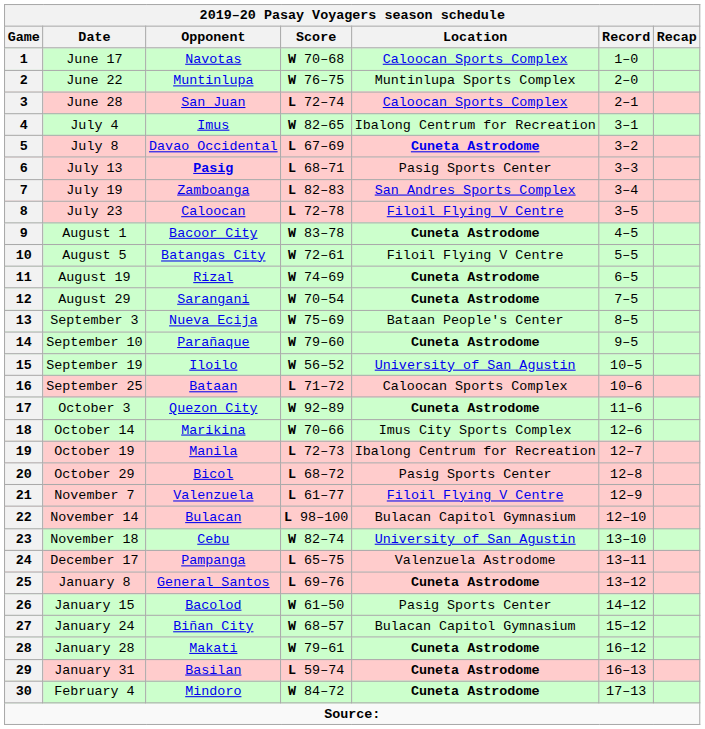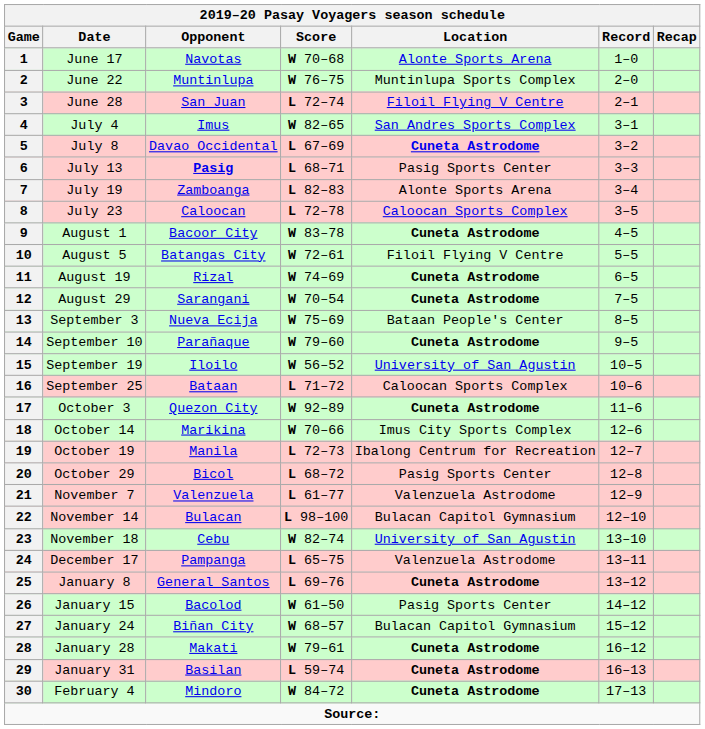 <table class="wikitable" style="text-align:center">
 <tr>
 <th colspan=7>2019–20 Pasay Voyagers season schedule</th>
 </tr>
 <tr>
 <th>Game</th>
 <th>Date</th>
 <th>Opponent</th>
 <th>Score</th>
 <th>Location</th>
 <th>Record</th>
 <th>Recap<br></th>
 </tr>
 <tr style="background:#cfc">
 <th>1</th>
 <td>June 17</td>
 <td><a href='#'>Navotas</a></td>
 <td><strong>W</strong> 70–68</td>
-<td><a href='#'>Caloocan Sports Complex</a></td>
+<td><a href='#'>Alonte Sports Arena</a></td>
 <td>1–0</td>
 <td></td>
 </tr>
 <tr style="background:#cfc">
 <th>2</th>
 <td>June 22</td>
 <td><a href='#'>Muntinlupa</a></td>
 <td><strong>W</strong> 76–75</td>
 <td>Muntinlupa Sports Complex</td>
 <td>2–0</td>
 <td></td>
 </tr>
 <tr style="background:#fcc">
 <th>3</th>
 <td>June 28</td>
 <td><a href='#'>San Juan</a></td>
 <td><strong>L</strong> 72–74</td>
-<td><a href='#'>Caloocan Sports Complex</a></td>
+<td><a href='#'>Filoil Flying V Centre</a></td>
 <td>2–1</td>
 <td></td>
 </tr>
 <tr style="background:#cfc">
 <th>4</th>
 <td>July 4</td>
 <td><a href='#'>Imus</a></td>
 <td><strong>W</strong> 82–65</td>
-<td>Ibalong Centrum for Recreation</td>
+<td><a href='#'>San Andres Sports Complex</a></td>
 <td>3–1</td>
 <td></td>
 </tr>
 <tr style="background:#fcc">
 <th>5</th>
 <td>July 8</td>
 <td><a href='#'>Davao Occidental</a></td>
 <td><strong>L</strong> 67–69</td>
 <td><strong><a href='#'>Cuneta Astrodome</a></strong></td>
 <td>3–2</td>
 <td></td>
 </tr>
 <tr style="background:#fcc">
 <th>6</th>
 <td>July 13</td>
 <td><strong><a href='#'>Pasig</a></strong></td>
 <td><strong>L</strong> 68–71</td>
 <td>Pasig Sports Center</td>
 <td>3–3</td>
 <td></td>
 </tr>
 <tr style="background:#fcc">
 <th>7</th>
 <td>July 19</td>
 <td><a href='#'>Zamboanga</a></td>
 <td><strong>L</strong> 82–83</td>
-<td><a href='#'>San Andres Sports Complex</a></td>
+<td>Alonte Sports Arena</td>
 <td>3–4</td>
 <td></td>
 </tr>
 <tr style="background:#fcc">
 <th>8</th>
 <td>July 23</td>
 <td><a href='#'>Caloocan</a></td>
 <td><strong>L</strong> 72–78</td>
-<td><a href='#'>Filoil Flying V Centre</a></td>
+<td><a href='#'>Caloocan Sports Complex</a></td>
 <td>3–5</td>
 <td></td>
 </tr>
 <tr style="background:#cfc">
 <th>9</th>
 <td>August 1</td>
 <td><a href='#'>Bacoor City</a></td>
 <td><strong>W</strong> 83–78</td>
 <td><strong>Cuneta Astrodome</strong></td>
 <td>4–5</td>
 <td></td>
 </tr>
 <tr style="background:#cfc">
 <th>10</th>
 <td>August 5</td>
 <td><a href='#'>Batangas City</a></td>
 <td><strong>W</strong> 72–61</td>
 <td>Filoil Flying V Centre</td>
 <td>5–5</td>
 <td></td>
 </tr>
 <tr style="background:#cfc">
 <th>11</th>
 <td>August 19</td>
 <td><a href='#'>Rizal</a></td>
 <td><strong>W</strong> 74–69</td>
 <td><strong>Cuneta Astrodome</strong></td>
 <td>6–5</td>
 <td></td>
 </tr>
 <tr style="background:#cfc">
 <th>12</th>
 <td>August 29</td>
 <td><a href='#'>Sarangani</a></td>
 <td><strong>W</strong> 70–54</td>
 <td><strong>Cuneta Astrodome</strong></td>
 <td>7–5</td>
 <td><br></td>
 </tr>
 <tr style="background:#cfc">
 <th>13</th>
 <td>September 3</td>
 <td><a href='#'>Nueva Ecija</a></td>
 <td><strong>W</strong> 75–69</td>
 <td>Bataan People's Center</td>
 <td>8–5</td>
 <td></td>
 </tr>
 <tr style="background:#cfc">
 <th>14</th>
 <td>September 10</td>
 <td><a href='#'>Parañaque</a></td>
 <td><strong>W</strong> 79–60</td>
 <td><strong>Cuneta Astrodome</strong></td>
 <td>9–5</td>
 <td></td>
 </tr>
 <tr style="background:#cfc">
 <th>15</th>
 <td>September 19</td>
 <td><a href='#'>Iloilo</a></td>
 <td><strong>W</strong> 56–52</td>
 <td><a href='#'>University of San Agustin</a></td>
 <td>10–5</td>
 <td></td>
 </tr>
 <tr style="background:#fcc">
 <th>16</th>
 <td>September 25</td>
 <td><a href='#'>Bataan</a></td>
 <td><strong>L</strong> 71–72</td>
 <td>Caloocan Sports Complex</td>
 <td>10–6</td>
 <td></td>
 </tr>
 <tr style="background:#cfc">
 <th>17</th>
 <td>October 3</td>
 <td><a href='#'>Quezon City</a></td>
 <td><strong>W</strong> 92–89</td>
 <td><strong>Cuneta Astrodome</strong></td>
 <td>11–6</td>
 <td></td>
 </tr>
 <tr style="background:#cfc">
 <th>18</th>
 <td>October 14</td>
 <td><a href='#'>Marikina</a></td>
 <td><strong>W</strong> 70–66</td>
 <td>Imus City Sports Complex</td>
 <td>12–6</td>
 <td></td>
 </tr>
 <tr style="background:#fcc">
 <th>19</th>
 <td>October 19</td>
 <td><a href='#'>Manila</a></td>
 <td><strong>L</strong> 72–73</td>
 <td>Ibalong Centrum for Recreation</td>
 <td>12–7</td>
 <td></td>
 </tr>
 <tr style="background:#fcc">
 <th>20</th>
 <td>October 29</td>
 <td><a href='#'>Bicol</a></td>
 <td><strong>L</strong> 68–72</td>
 <td>Pasig Sports Center</td>
 <td>12–8</td>
 <td></td>
 </tr>
 <tr style="background:#fcc">
 <th>21</th>
 <td>November 7</td>
 <td><a href='#'>Valenzuela</a></td>
 <td><strong>L</strong> 61–77</td>
-<td><a href='#'>Filoil Flying V Centre</a></td>
+<td>Valenzuela Astrodome</td>
 <td>12–9</td>
 <td></td>
 </tr>
 <tr style="background:#fcc">
 <th>22</th>
 <td>November 14</td>
 <td><a href='#'>Bulacan</a></td>
 <td><strong>L</strong> 98–100</td>
 <td>Bulacan Capitol Gymnasium</td>
 <td>12–10</td>
 <td></td>
 </tr>
 <tr style="background:#cfc">
 <th>23</th>
 <td>November 18</td>
 <td><a href='#'>Cebu</a></td>
 <td><strong>W</strong> 82–74</td>
 <td><a href='#'>University of San Agustin</a></td>
 <td>13–10</td>
 <td><br></td>
 </tr>
 <tr style="background:#fcc">
 <th>24</th>
 <td>December 17</td>
 <td><a href='#'>Pampanga</a></td>
 <td><strong>L</strong> 65–75</td>
 <td>Valenzuela Astrodome</td>
 <td>13–11</td>
 <td></td>
 </tr>
 <tr style="background:#fcc">
 <th>25</th>
 <td>January 8</td>
 <td><a href='#'>General Santos</a></td>
 <td><strong>L</strong> 69–76</td>
 <td><strong>Cuneta Astrodome</strong></td>
 <td>13–12</td>
 <td></td>
 </tr>
 <tr style="background:#cfc">
 <th>26</th>
 <td>January 15</td>
 <td><a href='#'>Bacolod</a></td>
 <td><strong>W</strong> 61–50</td>
 <td>Pasig Sports Center</td>
 <td>14–12</td>
 <td></td>
 </tr>
 <tr style="background:#cfc">
 <th>27</th>
 <td>January 24</td>
 <td><a href='#'>Biñan City</a></td>
 <td><strong>W</strong> 68–57</td>
 <td>Bulacan Capitol Gymnasium</td>
 <td>15–12</td>
 <td></td>
 </tr>
 <tr style="background:#cfc">
 <th>28</th>
 <td>January 28</td>
 <td><a href='#'>Makati</a></td>
 <td><strong>W</strong> 79–61</td>
 <td><strong>Cuneta Astrodome</strong></td>
 <td>16–12</td>
 <td></td>
 </tr>
 <tr style="background:#fcc">
 <th>29</th>
 <td>January 31</td>
 <td><a href='#'>Basilan</a></td>
 <td><strong>L</strong> 59–74</td>
 <td><strong>Cuneta Astrodome</strong></td>
 <td>16–13</td>
 <td></td>
 </tr>
 <tr style="background:#cfc">
 <th>30</th>
 <td>February 4</td>
 <td><a href='#'>Mindoro</a></td>
 <td><strong>W</strong> 84–72</td>
 <td><strong>Cuneta Astrodome</strong></td>
 <td>17–13</td>
 <td></td>
 </tr>
 <tr>
 <td colspan=7 align=center><strong>Source: </strong></td>
 </tr>
 </table>
